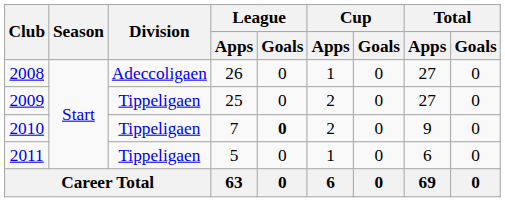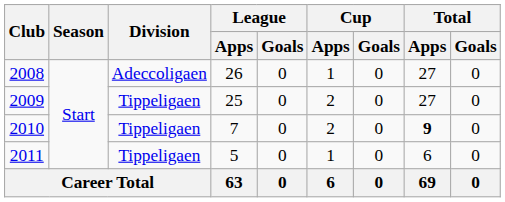 <table class="wikitable" style="text-align: center;">
 <tr>
 <th rowspan="2">Club</th>
 <th rowspan="2">Season</th>
 <th rowspan="2">Division</th>
 <th colspan="2">League</th>
 <th colspan="2">Cup</th>
 <th colspan="2">Total</th>
 </tr>
 <tr>
 <th>Apps</th>
 <th>Goals</th>
 <th>Apps</th>
 <th>Goals</th>
 <th>Apps</th>
 <th>Goals</th>
 </tr>
 <tr>
 <td><a href='#'>2008</a></td>
 <td rowspan="4" valign="center"><a href='#'>Start</a></td>
 <td><a href='#'>Adeccoligaen</a></td>
 <td>26</td>
 <td>0</td>
 <td>1</td>
 <td>0</td>
 <td>27</td>
 <td>0</td>
 </tr>
 <tr>
 <td><a href='#'>2009</a></td>
 <td><a href='#'>Tippeligaen</a></td>
 <td>25</td>
 <td>0</td>
 <td>2</td>
 <td>0</td>
 <td>27</td>
 <td>0</td>
 </tr>
 <tr>
 <td><a href='#'>2010</a></td>
 <td><a href='#'>Tippeligaen</a></td>
 <td>7</td>
-<td><strong>0</strong></td>
+<td>0</td>
 <td>2</td>
 <td>0</td>
-<td>9</td>
+<td><strong>9</strong></td>
 <td>0</td>
 </tr>
 <tr>
 <td><a href='#'>2011</a></td>
 <td><a href='#'>Tippeligaen</a></td>
 <td>5</td>
 <td>0</td>
 <td>1</td>
 <td>0</td>
 <td>6</td>
 <td>0</td>
 </tr>
 <tr>
 <th colspan="3">Career Total</th>
 <th>63</th>
 <th>0</th>
 <th>6</th>
 <th>0</th>
 <th>69</th>
 <th>0</th>
 </tr>
 </table>
